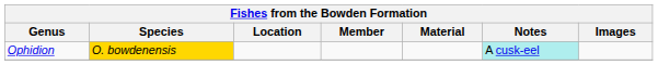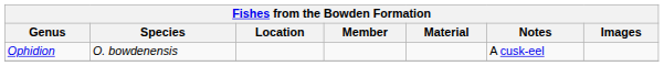 <table class="wikitable"  style="margin:auto; width:100%;">
 <tr>
 <th colspan="7" align="center"><strong><a href='#'>Fishes</a> from the Bowden Formation</strong></th>
 </tr>
 <tr>
 <th>Genus</th>
 <th>Species</th>
 <th>Location</th>
 <th>Member</th>
 <th>Material</th>
 <th>Notes</th>
 <th>Images</th>
 </tr>
 <tr>
 <td><em><a href='#'>Ophidion</a></em></td>
-<td style="background: gold;"><em>O. bowdenensis</em></td>
+<td><em>O. bowdenensis</em></td>
 <td></td>
 <td></td>
 <td></td>
-<td style="background: paleturquoise;">A <a href='#'>cusk-eel</a></td>
+<td>A <a href='#'>cusk-eel</a></td>
 <td></td>
 </tr>
 <tr>
 </tr>
 </table>
